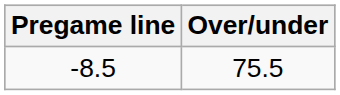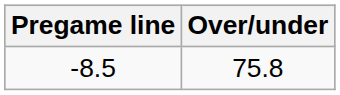 <table class="wikitable" style="margin-left: auto; margin-right: auto; border: none; display: inline-table;">
 <tr align="center">
 <th style=>Pregame line</th>
 <th style=>Over/under</th>
 </tr>
 <tr align="center">
 <td>-8.5</td>
-<td>75.5</td>
+<td>75.8</td>
 </tr>
 </table>
